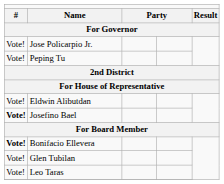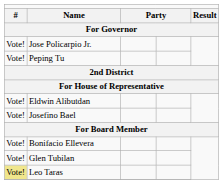 <table class="wikitable" style="font-size:90%">
 <tr>
 <td colspan="5"></td>
 </tr>
 <tr>
 <th>#</th>
 <th width="150px">Name</th>
 <th colspan="2" width="110px">Party</th>
 <th>Result</th>
 </tr>
 <tr>
 <th colspan="5">For Governor</th>
 </tr>
 <tr>
 <td>Vote!</td>
 <td>Jose Policarpio Jr.</td>
 <td></td>
 <td></td>
 </tr>
 <tr>
 <td>Vote!</td>
 <td>Peping Tu</td>
 <td></td>
 <td></td>
 </tr>
 <tr>
 <th colspan="5">2nd District</th>
 </tr>
 <tr>
 <th colspan="5">For House of Representative</th>
 </tr>
 <tr>
 <td>Vote!</td>
 <td>Eldwin Alibutdan</td>
 <td></td>
 <td></td>
 </tr>
 <tr>
-<td><strong>Vote!</strong></td>
+<td>Vote!</td>
 <td>Josefino Bael</td>
 <td></td>
 <td></td>
 </tr>
 <tr>
 <th colspan="5">For Board Member</th>
 </tr>
 <tr>
-<td><strong>Vote!</strong></td>
+<td>Vote!</td>
 <td>Bonifacio Ellevera</td>
 <td></td>
 <td></td>
 </tr>
 <tr>
 <td>Vote!</td>
 <td>Glen Tubilan</td>
 <td></td>
 <td></td>
 </tr>
 <tr>
-<td>Vote!</td>
+<td style="background: khaki;">Vote!</td>
 <td>Leo Taras</td>
 <td></td>
 <td></td>
 </tr>
 <tr>
 </tr>
 </table>
